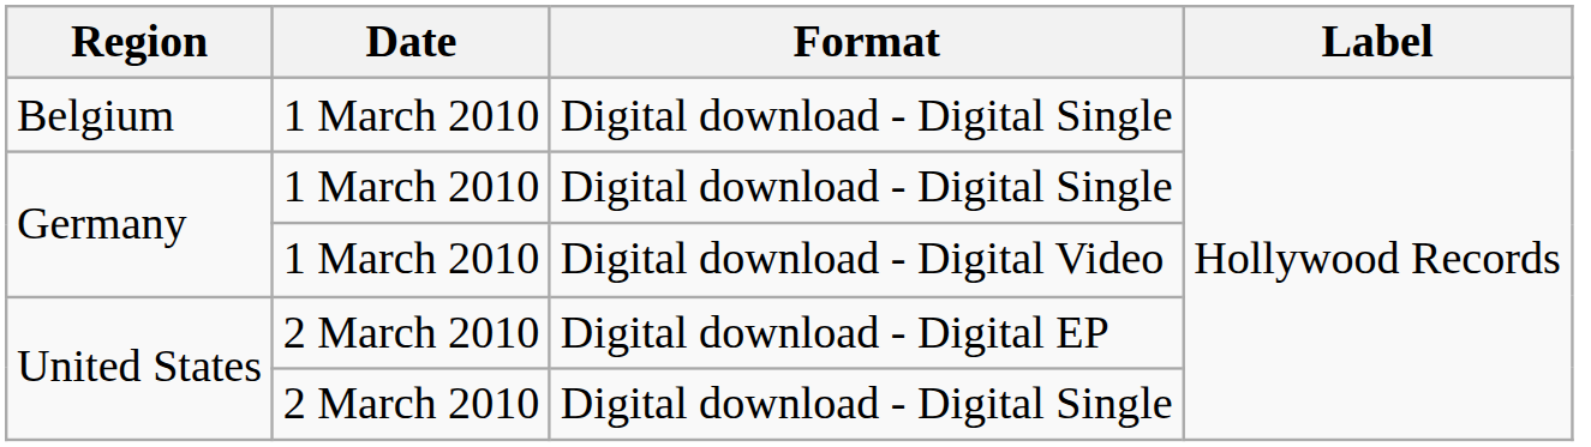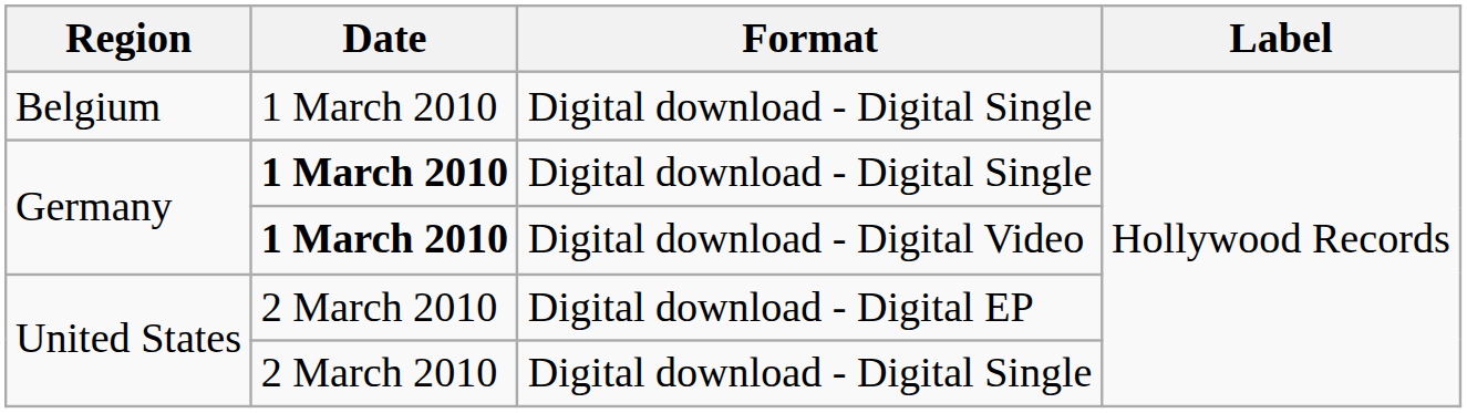 <table class=wikitable>
 <tr>
 <th>Region</th>
 <th>Date</th>
 <th>Format</th>
 <th>Label</th>
 </tr>
 <tr>
 <td>Belgium</td>
 <td>1 March 2010</td>
 <td>Digital download - Digital Single</td>
 <td rowspan="5">Hollywood Records</td>
 </tr>
 <tr>
 <td rowspan="2">Germany</td>
-<td>1 March 2010</td>
+<td><strong>1 March 2010</strong></td>
 <td>Digital download - Digital Single</td>
 </tr>
 <tr>
-<td>1 March 2010</td>
+<td><strong>1 March 2010</strong></td>
 <td>Digital download - Digital Video</td>
 </tr>
 <tr>
 <td rowspan="2">United States</td>
 <td>2 March 2010</td>
 <td>Digital download - Digital EP</td>
 </tr>
 <tr>
 <td>2 March 2010</td>
 <td>Digital download - Digital Single</td>
 </tr>
 </table>
